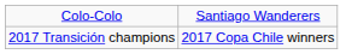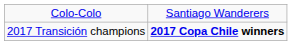 <table class="wikitable" style="text-align:center">
 <tr>
 <td> <a href='#'>Colo-Colo</a></td>
 <td> <a href='#'>Santiago Wanderers</a></td>
 </tr>
 <tr>
 <td><a href='#'>2017 Transición</a> champions </td>
-<td><a href='#'>2017 Copa Chile</a> winners</td>
+<td><strong><a href='#'>2017 Copa Chile</a> winners</strong></td>
 </tr>
 </table>
